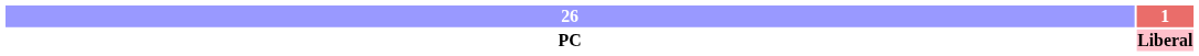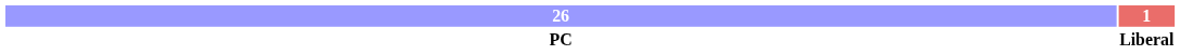 <table style="width:55%; text-align:center;">
 <tr style="color:white;">
 <td style="background:#9999FF; width:96.29%;"><strong>26</strong></td>
 <td style="background:#EA6D6A; width:3.71%;"><strong>1</strong></td>
 </tr>
 <tr>
 <td><span><strong>PC</strong></span></td>
-<td style="background: pink;"><span><strong>Liberal</strong></span></td>
+<td><span><strong>Liberal</strong></span></td>
 </tr>
 </table>
